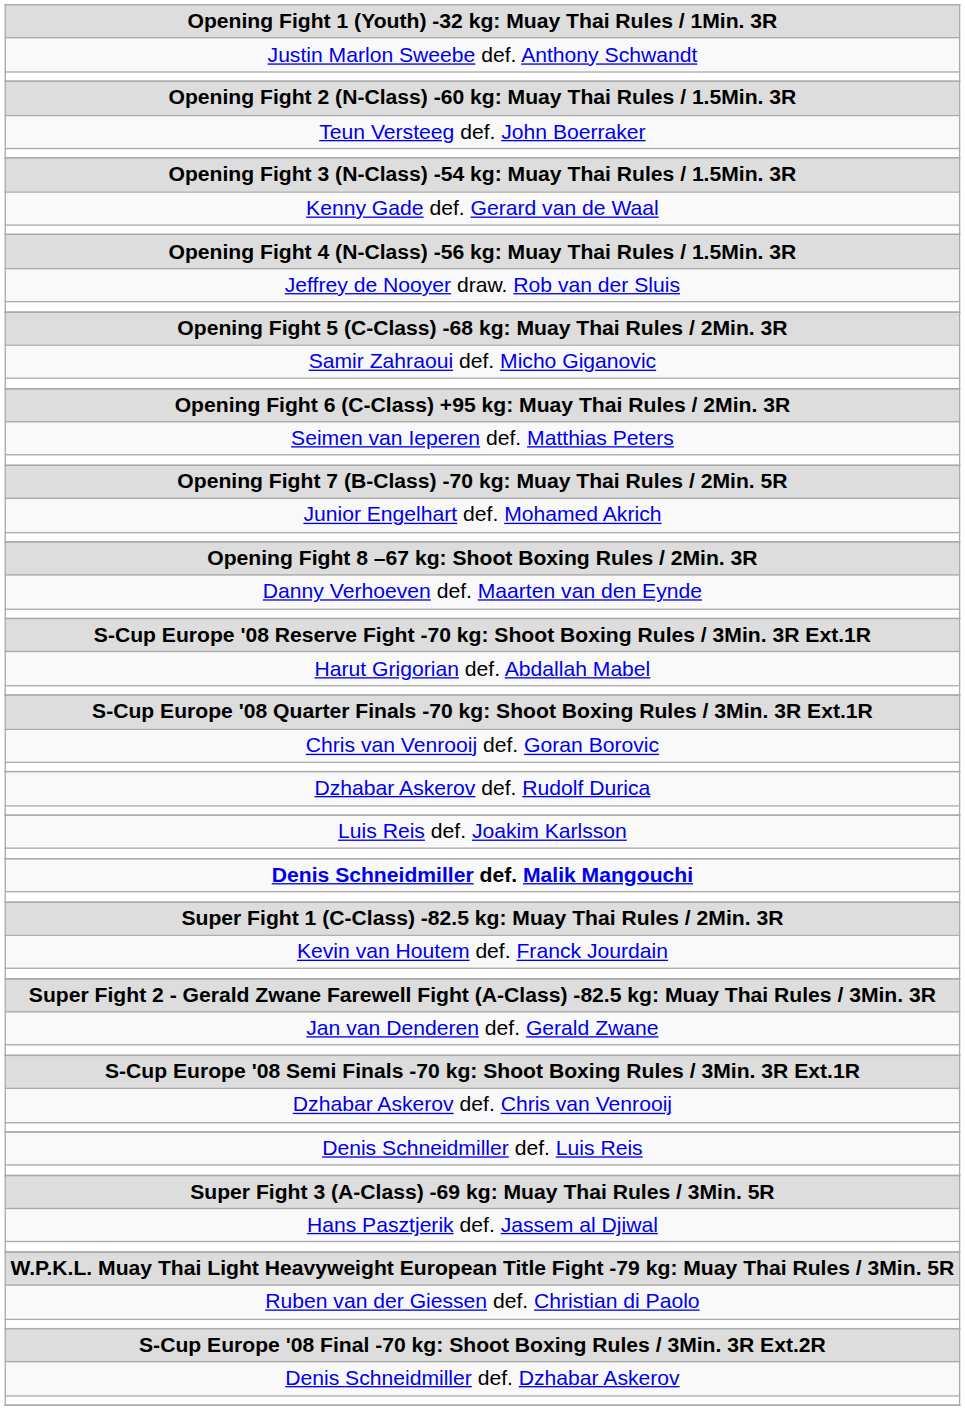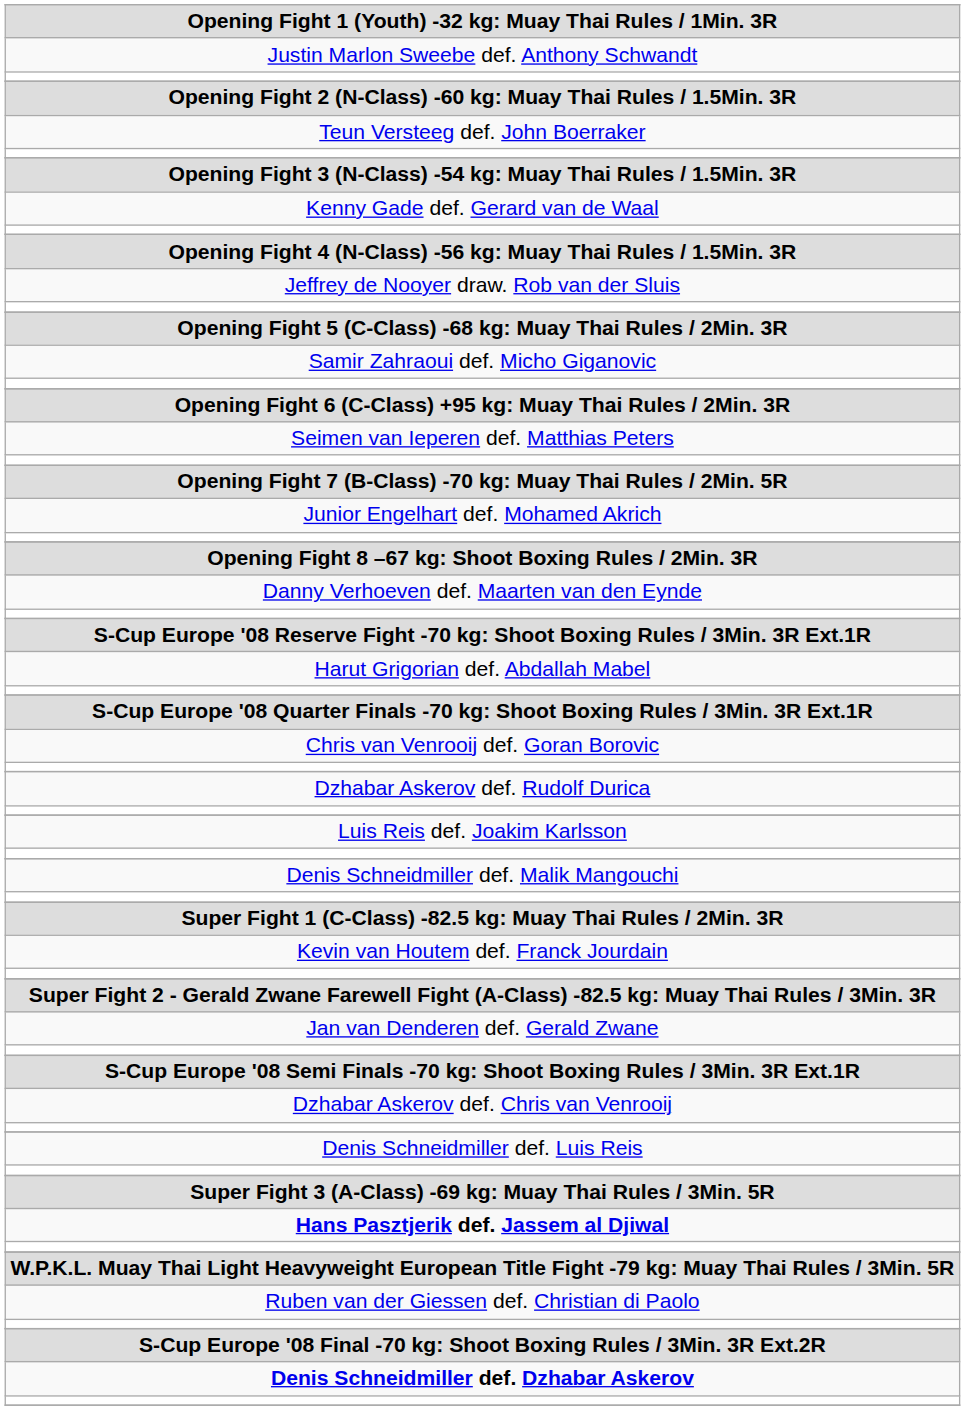 <table class="wikitable" style="clear:both; margin:1.5em auto; text-align:center;">
 <tr>
 </tr>
 <tr align="center"  bgcolor="#dddddd">
 <td><strong>Opening Fight 1 (Youth) -32 kg: Muay Thai Rules / 1Min. 3R</strong></td>
 </tr>
 <tr align="center"  bgcolor=>
 <td align=center> <a href='#'>Justin Marlon Sweebe</a> def. <a href='#'>Anthony Schwandt</a> </td>
 </tr>
 <tr>
 <th style=background:white colspan=2></th>
 </tr>
 <tr>
 </tr>
 <tr align="center"  bgcolor="#dddddd">
 <td><strong>Opening Fight 2 (N-Class) -60 kg: Muay Thai Rules / 1.5Min. 3R</strong></td>
 </tr>
 <tr align="center"  bgcolor=>
 <td align=center> <a href='#'>Teun Versteeg</a> def. <a href='#'>John Boerraker</a> </td>
 </tr>
 <tr>
 <th style=background:white colspan=2></th>
 </tr>
 <tr>
 </tr>
 <tr align="center"  bgcolor="#dddddd">
 <td><strong>Opening Fight 3 (N-Class) -54 kg: Muay Thai Rules / 1.5Min. 3R</strong></td>
 </tr>
 <tr align="center"  bgcolor=>
 <td align=center> <a href='#'>Kenny Gade</a> def. <a href='#'>Gerard van de Waal</a> </td>
 </tr>
 <tr>
 <th style=background:white colspan=2></th>
 </tr>
 <tr>
 </tr>
 <tr align="center"  bgcolor="#dddddd">
 <td><strong>Opening Fight 4 (N-Class) -56 kg: Muay Thai Rules / 1.5Min. 3R</strong></td>
 </tr>
 <tr align="center"  bgcolor=>
 <td align=center> <a href='#'>Jeffrey de Nooyer</a> draw. <a href='#'>Rob van der Sluis</a> </td>
 </tr>
 <tr>
 <th style=background:white colspan=2></th>
 </tr>
 <tr>
 </tr>
 <tr align="center"  bgcolor="#dddddd">
 <td><strong>Opening Fight 5 (C-Class) -68 kg: Muay Thai Rules / 2Min. 3R</strong></td>
 </tr>
 <tr align="center"  bgcolor=>
 <td align=center> <a href='#'>Samir Zahraoui</a> def. <a href='#'>Micho Giganovic</a> </td>
 </tr>
 <tr>
 <th style=background:white colspan=2></th>
 </tr>
 <tr>
 </tr>
 <tr align="center"  bgcolor="#dddddd">
 <td><strong>Opening Fight 6 (C-Class) +95 kg: Muay Thai Rules / 2Min. 3R</strong></td>
 </tr>
 <tr align="center"  bgcolor=>
 <td align=center> <a href='#'>Seimen van Ieperen</a> def. <a href='#'>Matthias Peters</a> </td>
 </tr>
 <tr>
 <th style=background:white colspan=2></th>
 </tr>
 <tr>
 </tr>
 <tr align="center"  bgcolor="#dddddd">
 <td><strong>Opening Fight 7 (B-Class) -70 kg: Muay Thai Rules / 2Min. 5R</strong></td>
 </tr>
 <tr align="center"  bgcolor=>
 <td align=center> <a href='#'>Junior Engelhart</a> def. <a href='#'>Mohamed Akrich</a> </td>
 </tr>
 <tr>
 <th style=background:white colspan=2></th>
 </tr>
 <tr>
 </tr>
 <tr align="center"  bgcolor="#dddddd">
 <td><strong>Opening Fight 8 –67 kg: Shoot Boxing Rules / 2Min. 3R</strong></td>
 </tr>
 <tr align="center"  bgcolor=>
 <td align=center> <a href='#'>Danny Verhoeven</a> def. <a href='#'>Maarten van den Eynde</a> </td>
 </tr>
 <tr>
 <th style=background:white colspan=2></th>
 </tr>
 <tr>
 </tr>
 <tr align="center"  bgcolor="#dddddd">
 <td><strong>S-Cup Europe '08 Reserve Fight -70 kg: Shoot Boxing Rules / 3Min. 3R Ext.1R</strong></td>
 </tr>
 <tr align="center"  bgcolor=>
 <td align=center> <a href='#'>Harut Grigorian</a> def. <a href='#'>Abdallah Mabel</a> </td>
 </tr>
 <tr>
 <th style=background:white colspan=2></th>
 </tr>
 <tr>
 </tr>
 <tr align="center"  bgcolor="#dddddd">
 <td><strong>S-Cup Europe '08 Quarter Finals -70 kg: Shoot Boxing Rules / 3Min. 3R Ext.1R</strong></td>
 </tr>
 <tr align="center"  bgcolor=>
 <td align=center> <a href='#'>Chris van Venrooij</a> def. <a href='#'>Goran Borovic</a> </td>
 </tr>
 <tr>
 <th style=background:white colspan=2></th>
 </tr>
 <tr>
 </tr>
 <tr align="center"  bgcolor=>
 <td align=center> <a href='#'>Dzhabar Askerov</a> def. <a href='#'>Rudolf Durica</a> </td>
 </tr>
 <tr>
 <th style=background:white colspan=2></th>
 </tr>
 <tr>
 </tr>
 <tr align="center"  bgcolor=>
 <td align=center> <a href='#'>Luis Reis</a> def. <a href='#'>Joakim Karlsson</a> </td>
 </tr>
 <tr>
 <th style=background:white colspan=2></th>
 </tr>
 <tr>
 </tr>
 <tr align="center"  bgcolor=>
-<td align=center><strong> <a href='#'>Denis Schneidmiller</a> def. <a href='#'>Malik Mangouchi</a> </strong></td>
+<td align=center> <a href='#'>Denis Schneidmiller</a> def. <a href='#'>Malik Mangouchi</a> </td>
 </tr>
 <tr>
 <th style=background:white colspan=2></th>
 </tr>
 <tr>
 </tr>
 <tr align="center"  bgcolor="#dddddd">
 <td><strong>Super Fight 1 (C-Class) -82.5 kg: Muay Thai Rules / 2Min. 3R</strong></td>
 </tr>
 <tr align="center"  bgcolor=>
 <td align=center> <a href='#'>Kevin van Houtem</a> def. <a href='#'>Franck Jourdain</a> </td>
 </tr>
 <tr>
 <th style=background:white colspan=2></th>
 </tr>
 <tr>
 </tr>
 <tr align="center"  bgcolor="#dddddd">
 <td><strong>Super Fight 2 - Gerald Zwane Farewell Fight (A-Class) -82.5 kg: Muay Thai Rules / 3Min. 3R</strong></td>
 </tr>
 <tr align="center"  bgcolor=>
 <td align=center> <a href='#'>Jan van Denderen</a> def. <a href='#'>Gerald Zwane</a> </td>
 </tr>
 <tr>
 <th style=background:white colspan=2></th>
 </tr>
 <tr>
 </tr>
 <tr align="center"  bgcolor="#dddddd">
 <td><strong>S-Cup Europe '08 Semi Finals -70 kg: Shoot Boxing Rules / 3Min. 3R Ext.1R</strong></td>
 </tr>
 <tr align="center"  bgcolor=>
 <td align=center> <a href='#'>Dzhabar Askerov</a> def. <a href='#'>Chris van Venrooij</a> </td>
 </tr>
 <tr>
 <th style=background:white colspan=2></th>
 </tr>
 <tr>
 </tr>
 <tr align="center"  bgcolor=>
 <td align=center> <a href='#'>Denis Schneidmiller</a> def. <a href='#'>Luis Reis</a> </td>
 </tr>
 <tr>
 <th style=background:white colspan=2></th>
 </tr>
 <tr>
 </tr>
 <tr align="center"  bgcolor="#dddddd">
 <td><strong>Super Fight 3 (A-Class) -69 kg: Muay Thai Rules / 3Min. 5R</strong></td>
 </tr>
 <tr align="center"  bgcolor=>
-<td align=center> <a href='#'>Hans Pasztjerik</a> def. <a href='#'>Jassem al Djiwal</a> </td>
+<td align=center><strong> <a href='#'>Hans Pasztjerik</a> def. <a href='#'>Jassem al Djiwal</a> </strong></td>
 </tr>
 <tr>
 <th style=background:white colspan=2></th>
 </tr>
 <tr>
 </tr>
 <tr align="center"  bgcolor="#dddddd">
 <td><strong>W.P.K.L. Muay Thai Light Heavyweight European Title Fight -79 kg: Muay Thai Rules / 3Min. 5R</strong></td>
 </tr>
 <tr align="center"  bgcolor=>
 <td align=center> <a href='#'>Ruben van der Giessen</a> def. <a href='#'>Christian di Paolo</a> </td>
 </tr>
 <tr>
 <th style=background:white colspan=2></th>
 </tr>
 <tr>
 </tr>
 <tr align="center"  bgcolor="#dddddd">
 <td><strong>S-Cup Europe '08 Final -70 kg: Shoot Boxing Rules / 3Min. 3R Ext.2R</strong></td>
 </tr>
 <tr align="center"  bgcolor=>
-<td align=center> <a href='#'>Denis Schneidmiller</a> def. <a href='#'>Dzhabar Askerov</a> </td>
+<td align=center><strong> <a href='#'>Denis Schneidmiller</a> def. <a href='#'>Dzhabar Askerov</a> </strong></td>
 </tr>
 <tr>
 <th style=background:white colspan=2></th>
 </tr>
 <tr>
 </tr>
 </table>
